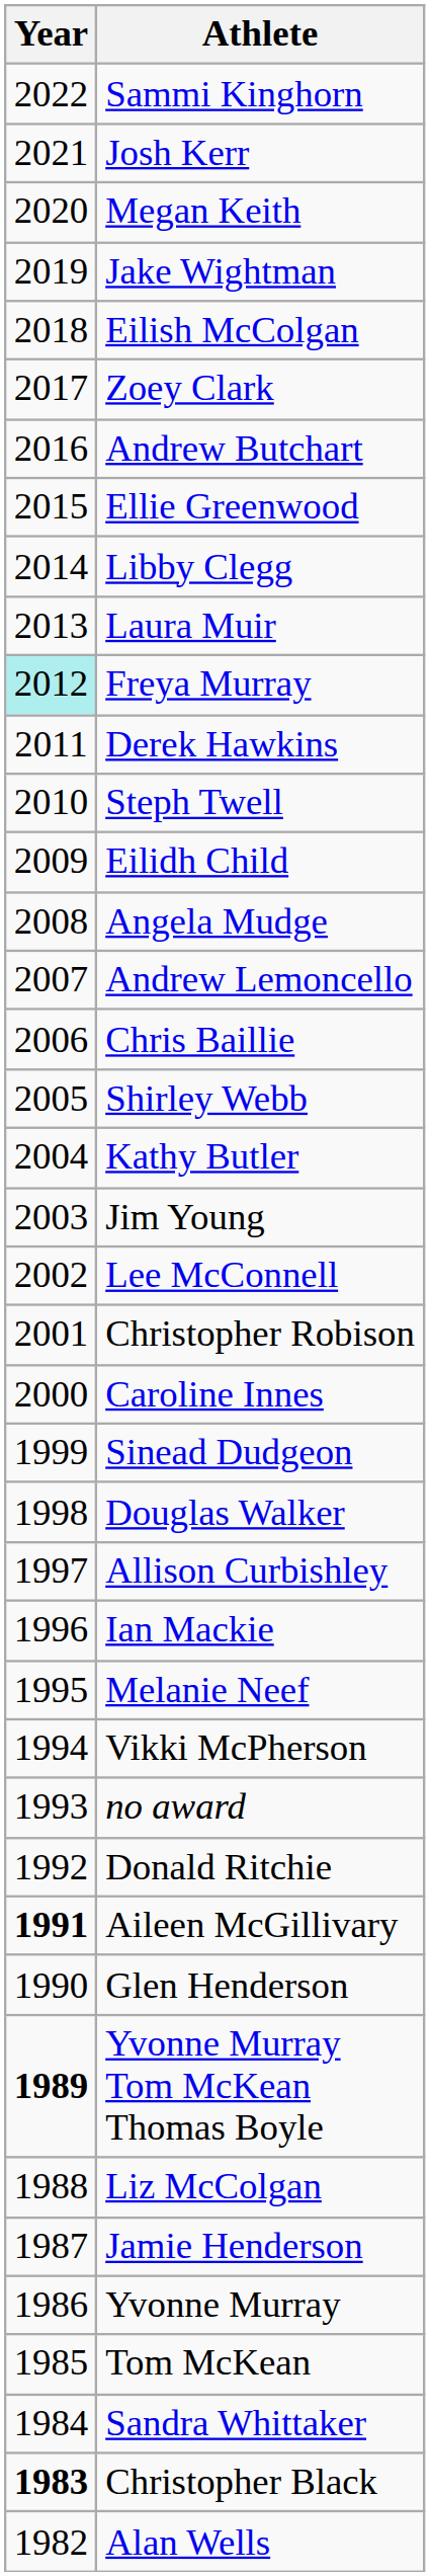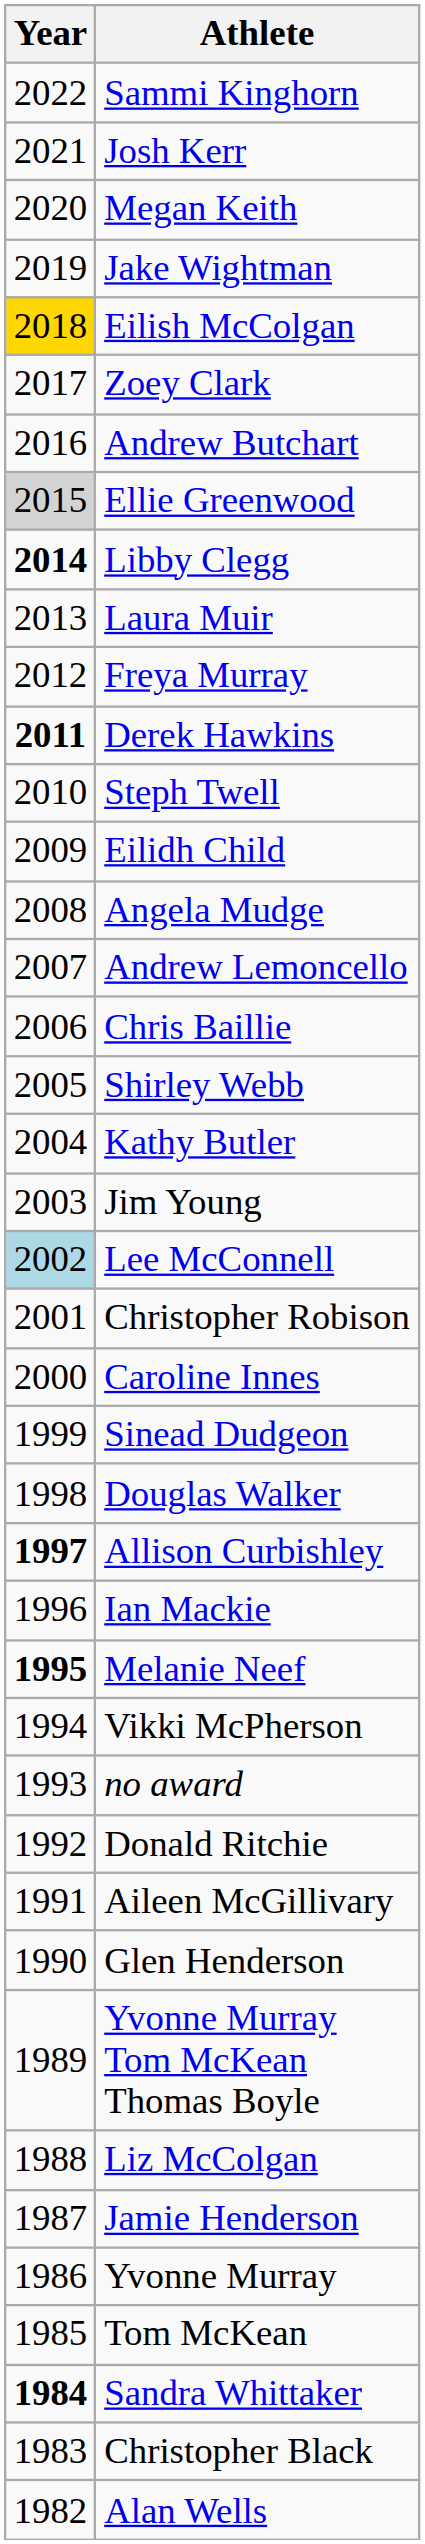 <table class="wikitable sortable">
 <tr>
 <th>Year</th>
 <th>Athlete</th>
 </tr>
 <tr>
 <td align="center">2022</td>
 <td><a href='#'>Sammi Kinghorn</a></td>
 </tr>
 <tr>
 <td align="center">2021</td>
 <td><a href='#'>Josh Kerr</a></td>
 </tr>
 <tr>
 <td align="center">2020</td>
 <td><a href='#'>Megan Keith</a></td>
 </tr>
 <tr>
 <td align="center">2019</td>
 <td><a href='#'>Jake Wightman</a></td>
 </tr>
 <tr>
-<td align="center">2018</td>
+<td align="center" style="background: gold;">2018</td>
 <td><a href='#'>Eilish McColgan</a></td>
 </tr>
 <tr>
 <td align="center">2017</td>
 <td><a href='#'>Zoey Clark</a></td>
 </tr>
 <tr>
 <td align="center">2016</td>
 <td><a href='#'>Andrew Butchart</a></td>
 </tr>
 <tr>
-<td align="center">2015</td>
+<td align="center" style="background: lightgrey;">2015</td>
 <td><a href='#'>Ellie Greenwood</a></td>
 </tr>
 <tr>
-<td align="center">2014</td>
+<td align="center"><strong>2014</strong></td>
 <td><a href='#'>Libby Clegg</a></td>
 </tr>
 <tr>
 <td align="center">2013</td>
 <td><a href='#'>Laura Muir</a></td>
 </tr>
 <tr>
-<td align="center" style="background: paleturquoise;">2012</td>
+<td align="center">2012</td>
 <td><a href='#'>Freya Murray</a></td>
 </tr>
 <tr>
-<td align="center">2011</td>
+<td align="center"><strong>2011</strong></td>
 <td><a href='#'>Derek Hawkins</a></td>
 </tr>
 <tr>
 <td align="center">2010</td>
 <td><a href='#'>Steph Twell</a></td>
 </tr>
 <tr>
 <td align="center">2009</td>
 <td><a href='#'>Eilidh Child</a></td>
 </tr>
 <tr>
 <td align="center">2008</td>
 <td><a href='#'>Angela Mudge</a></td>
 </tr>
 <tr>
 <td align="center">2007</td>
 <td><a href='#'>Andrew Lemoncello</a></td>
 </tr>
 <tr>
 <td align="center">2006</td>
 <td><a href='#'>Chris Baillie</a></td>
 </tr>
 <tr>
 <td align="center">2005</td>
 <td><a href='#'>Shirley Webb</a></td>
 </tr>
 <tr>
 <td align="center">2004</td>
 <td><a href='#'>Kathy Butler</a></td>
 </tr>
 <tr>
 <td align="center">2003</td>
 <td>Jim Young</td>
 </tr>
 <tr>
-<td align="center">2002</td>
+<td align="center" style="background: lightblue;">2002</td>
 <td><a href='#'>Lee McConnell</a></td>
 </tr>
 <tr>
 <td align="center">2001</td>
 <td>Christopher Robison</td>
 </tr>
 <tr>
 <td align="center">2000</td>
 <td><a href='#'>Caroline Innes</a></td>
 </tr>
 <tr>
 <td align="center">1999</td>
 <td><a href='#'>Sinead Dudgeon</a></td>
 </tr>
 <tr>
 <td align="center">1998</td>
 <td><a href='#'>Douglas Walker</a></td>
 </tr>
 <tr>
-<td align="center">1997</td>
+<td align="center"><strong>1997</strong></td>
 <td><a href='#'>Allison Curbishley</a></td>
 </tr>
 <tr>
 <td align="center">1996</td>
 <td><a href='#'>Ian Mackie</a></td>
 </tr>
 <tr>
-<td align="center">1995</td>
+<td align="center"><strong>1995</strong></td>
 <td><a href='#'>Melanie Neef</a></td>
 </tr>
 <tr>
 <td align="center">1994</td>
 <td>Vikki McPherson</td>
 </tr>
 <tr>
 <td align="center">1993</td>
 <td><em>no award</em></td>
 </tr>
 <tr>
 <td align="center">1992</td>
 <td>Donald Ritchie</td>
 </tr>
 <tr>
-<td align="center"><strong>1991</strong></td>
+<td align="center">1991</td>
 <td>Aileen McGillivary</td>
 </tr>
 <tr>
 <td align="center">1990</td>
 <td>Glen Henderson</td>
 </tr>
 <tr>
-<td align="center"><strong>1989</strong></td>
+<td align="center">1989</td>
 <td><a href='#'>Yvonne Murray</a><br><a href='#'>Tom McKean</a><br>Thomas Boyle</td>
 </tr>
 <tr>
 <td align="center">1988</td>
 <td><a href='#'>Liz McColgan</a></td>
 </tr>
 <tr>
 <td align="center">1987</td>
 <td><a href='#'>Jamie Henderson</a></td>
 </tr>
 <tr>
 <td align="center">1986</td>
 <td>Yvonne Murray</td>
 </tr>
 <tr>
 <td align="center">1985</td>
 <td>Tom McKean</td>
 </tr>
 <tr>
-<td align="center">1984</td>
+<td align="center"><strong>1984</strong></td>
 <td><a href='#'>Sandra Whittaker</a></td>
 </tr>
 <tr>
-<td align="center"><strong>1983</strong></td>
+<td align="center">1983</td>
 <td>Christopher Black</td>
 </tr>
 <tr>
 <td align="center">1982</td>
 <td><a href='#'>Alan Wells</a></td>
 </tr>
 </table>
